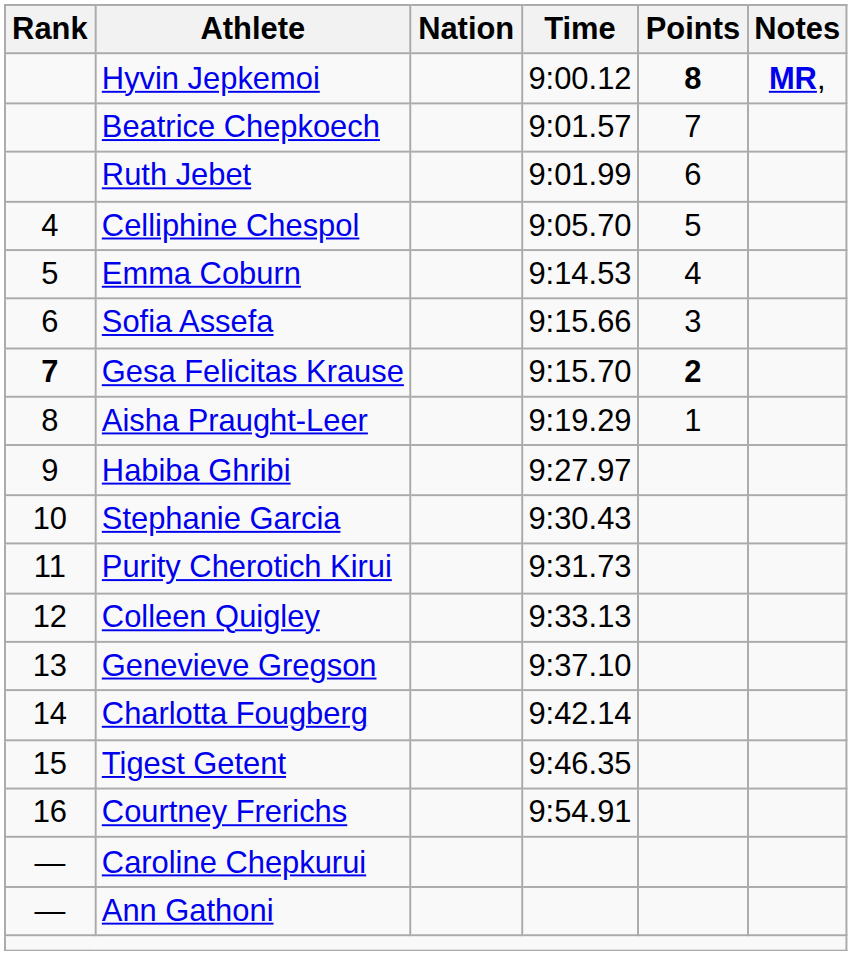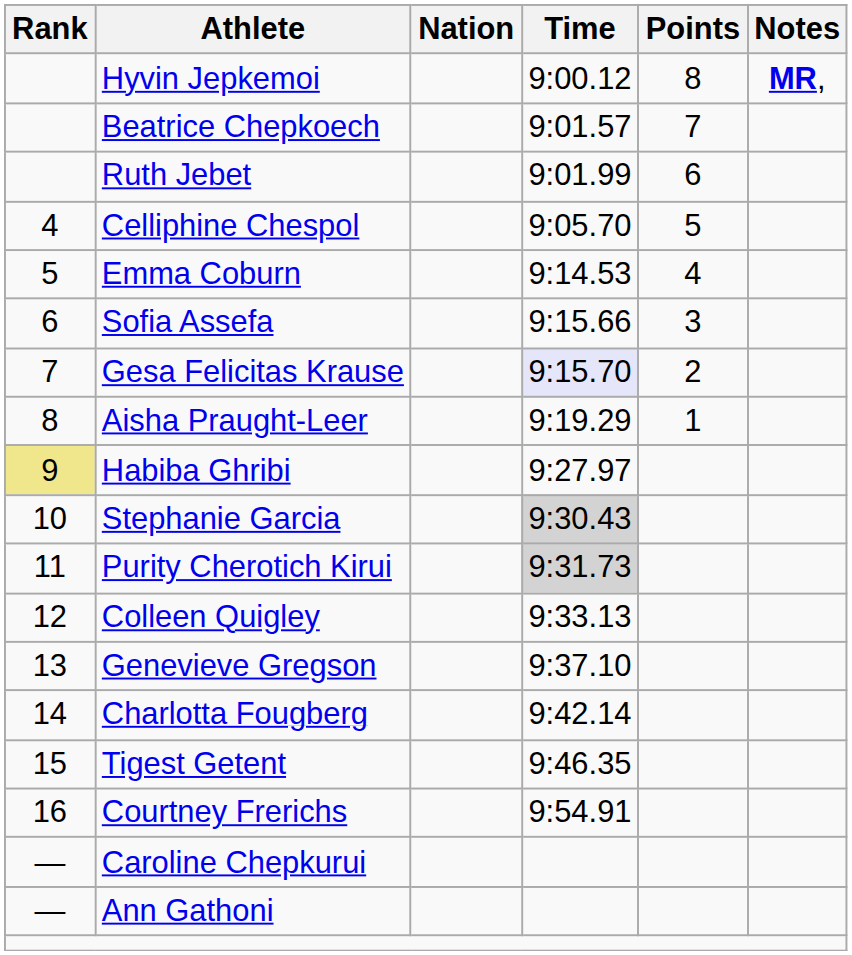 <table class="wikitable mw-datatable sortable" style="text-align:center;">
 <tr>
 <th>Rank</th>
 <th>Athlete</th>
 <th>Nation</th>
 <th>Time</th>
 <th>Points</th>
 <th>Notes</th>
 </tr>
 <tr>
 <td></td>
 <td align=left><a href='#'>Hyvin Jepkemoi</a></td>
 <td align=left></td>
 <td>9:00.12</td>
-<td><strong>8</strong></td>
+<td>8</td>
 <td><strong><a href='#'>MR</a></strong>, </td>
 </tr>
 <tr>
 <td></td>
 <td align=left><a href='#'>Beatrice Chepkoech</a></td>
 <td align=left></td>
 <td>9:01.57</td>
 <td>7</td>
 <td></td>
 </tr>
 <tr>
 <td></td>
 <td align=left><a href='#'>Ruth Jebet</a></td>
 <td align=left></td>
 <td>9:01.99</td>
 <td>6</td>
 <td></td>
 </tr>
 <tr>
 <td>4</td>
 <td align=left><a href='#'>Celliphine Chespol</a></td>
 <td align=left></td>
 <td>9:05.70</td>
 <td>5</td>
 <td></td>
 </tr>
 <tr>
 <td>5</td>
 <td align=left><a href='#'>Emma Coburn</a></td>
 <td align=left></td>
 <td>9:14.53</td>
 <td>4</td>
 <td></td>
 </tr>
 <tr>
 <td>6</td>
 <td align=left><a href='#'>Sofia Assefa</a></td>
 <td align=left></td>
 <td>9:15.66</td>
 <td>3</td>
 <td></td>
 </tr>
 <tr>
-<td><strong>7</strong></td>
+<td>7</td>
 <td align=left><a href='#'>Gesa Felicitas Krause</a></td>
 <td align=left></td>
-<td>9:15.70</td>
-<td><strong>2</strong></td>
+<td style="background: lavender;">9:15.70</td>
+<td>2</td>
 <td><strong></strong></td>
 </tr>
 <tr>
 <td>8</td>
 <td align=left><a href='#'>Aisha Praught-Leer</a></td>
 <td align=left></td>
 <td>9:19.29</td>
 <td>1</td>
 <td><strong></strong></td>
 </tr>
 <tr>
-<td>9</td>
+<td style="background: khaki;">9</td>
 <td align=left><a href='#'>Habiba Ghribi</a></td>
 <td align=left></td>
 <td>9:27.97</td>
 <td></td>
 <td></td>
 </tr>
 <tr>
 <td>10</td>
 <td align=left><a href='#'>Stephanie Garcia</a></td>
 <td align=left></td>
-<td>9:30.43</td>
+<td style="background: lightgrey;">9:30.43</td>
 <td></td>
 <td></td>
 </tr>
 <tr>
 <td>11</td>
 <td align=left><a href='#'>Purity Cherotich Kirui</a></td>
 <td align=left></td>
-<td>9:31.73</td>
+<td style="background: lightgrey;">9:31.73</td>
 <td></td>
 <td></td>
 </tr>
 <tr>
 <td>12</td>
 <td align=left><a href='#'>Colleen Quigley</a></td>
 <td align=left></td>
 <td>9:33.13</td>
 <td></td>
 <td></td>
 </tr>
 <tr>
 <td>13</td>
 <td align=left><a href='#'>Genevieve Gregson</a></td>
 <td align=left></td>
 <td>9:37.10</td>
 <td></td>
 <td></td>
 </tr>
 <tr>
 <td>14</td>
 <td align=left><a href='#'>Charlotta Fougberg</a></td>
 <td align=left></td>
 <td>9:42.14</td>
 <td></td>
 <td></td>
 </tr>
 <tr>
 <td>15</td>
 <td align=left><a href='#'>Tigest Getent</a></td>
 <td align=left></td>
 <td>9:46.35</td>
 <td></td>
 <td></td>
 </tr>
 <tr>
 <td>16</td>
 <td align=left><a href='#'>Courtney Frerichs</a></td>
 <td align=left></td>
 <td>9:54.91</td>
 <td></td>
 <td></td>
 </tr>
 <tr>
 <td>—</td>
 <td align=left><a href='#'>Caroline Chepkurui</a></td>
 <td align=left></td>
 <td></td>
 <td></td>
 <td></td>
 </tr>
 <tr>
 <td>—</td>
 <td align=left><a href='#'>Ann Gathoni</a></td>
 <td align=left></td>
 <td></td>
 <td></td>
 <td></td>
 </tr>
 <tr class="sortbottom">
 <td colspan=6></td>
 </tr>
 </table>
